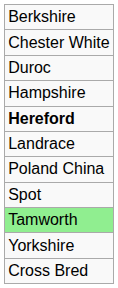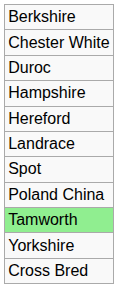 <table class="wikitable">
 <tr>
 <td>Berkshire</td>
 </tr>
 <tr>
 <td>Chester White</td>
 </tr>
 <tr>
 <td>Duroc</td>
 </tr>
 <tr>
 <td>Hampshire</td>
 </tr>
 <tr>
-<td><strong>Hereford</strong></td>
+<td>Hereford</td>
 </tr>
 <tr>
 <td>Landrace</td>
 </tr>
 <tr>
-<td>Poland China</td>
+<td>Spot</td>
 </tr>
 <tr>
-<td>Spot</td>
+<td>Poland China</td>
 </tr>
 <tr>
 <td style="background: lightgreen;">Tamworth</td>
 </tr>
 <tr>
 <td>Yorkshire</td>
 </tr>
 <tr>
 <td>Cross Bred</td>
 </tr>
 </table>
